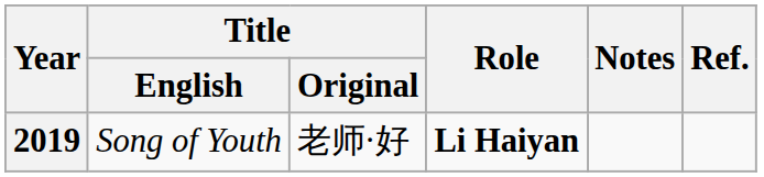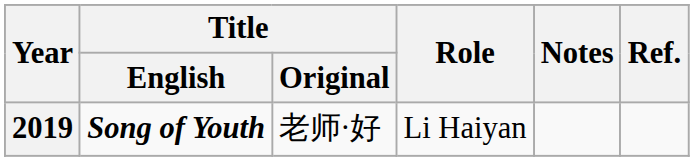 <table class="wikitable sortable">
 <tr>
 <th rowspan="2">Year</th>
 <th colspan="2">Title</th>
 <th rowspan="2">Role</th>
 <th rowspan="2">Notes</th>
 <th rowspan="2"><abbr>Ref.</abbr></th>
 </tr>
 <tr>
 <th>English</th>
 <th>Original</th>
 </tr>
 <tr>
 <th>2019</th>
-<td><em>Song of Youth</em></td>
+<td><strong><em>Song of Youth</em></strong></td>
 <td>老师·好</td>
-<td><strong>Li Haiyan</strong></td>
+<td>Li Haiyan</td>
 <td></td>
 <td></td>
 </tr>
 </table>
